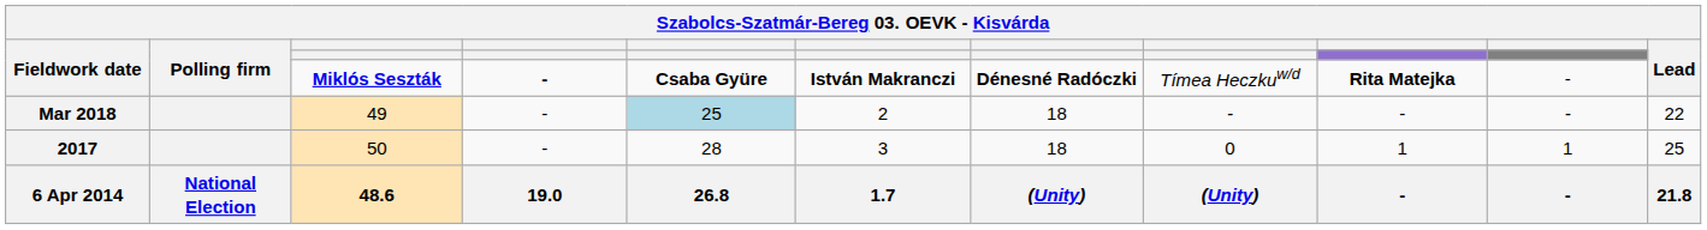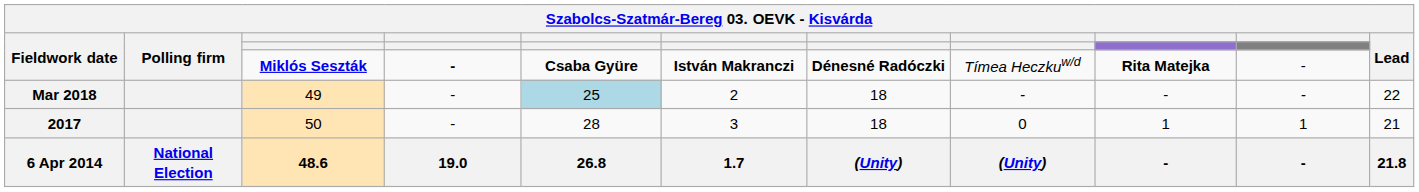 <table class="wikitable mw-collapsible mw-collapsed" style="text-align:center">
 <tr>
 <th colspan="11" style="width: 980pt;"><small><a href='#'>Szabolcs-Szatmár-Bereg</a> 03.</small> <small>OEVK - <a href='#'>Kisvárda</a></small></th>
 </tr>
 <tr>
 <th rowspan="3" style="width: 80pt;"><small>Fieldwork</small> <small>date</small></th>
 <th rowspan="3" style="width: 80pt;"><strong><small>Polling</small> <small>firm</small></strong></th>
 <th style="width: 100pt;"><small></small></th>
 <th style="width: 100pt;"><small> </small></th>
 <th style="width: 100pt;"></th>
 <th style="width: 100pt;"></th>
 <th style="width: 100pt;"></th>
 <th style="width: 100pt;"></th>
 <th style="width: 100pt;"></th>
 <th style="width: 100pt;"></th>
 <th rowspan="3" style="width: 20pt;"><small>Lead</small></th>
 </tr>
 <tr>
 <th style="color:inherit;background:"></th>
 <th style="color:inherit;background:"></th>
 <th style="color:inherit;background:"></th>
 <th style="color:inherit;background:"></th>
 <th style="color:inherit;background:"></th>
 <th style="color:inherit;background:"></th>
 <th style="color:inherit;background:#8E6FCE;"></th>
 <th style="color:inherit;background:#808080;"></th>
 </tr>
 <tr>
 <td><a href='#'><strong><small>Miklós Seszták</small></strong></a></td>
 <td><strong><small>-</small></strong></td>
 <td><strong><small>Csaba Gyüre</small></strong></td>
 <td><strong><small>István Makranczi</small></strong></td>
 <td><strong><small>Dénesné Radóczki</small></strong></td>
 <td><em><small>Tímea Heczku<sup>w/d</sup></small></em></td>
 <td><strong><small>Rita Matejka</small></strong></td>
 <td><small>-</small></td>
 </tr>
 <tr>
 <th><small>Mar 2018</small></th>
 <th><small></small></th>
 <td style="background:#FFE5B4"><small>49</small></td>
 <td><small>-</small></td>
 <td style="background: lightblue;"><small>25</small></td>
 <td><small>2</small></td>
 <td><small>18</small></td>
 <td><em><small>-</small></em></td>
 <td><small>-</small></td>
 <td><em><small>-</small></em></td>
 <td style="background:"><small>22</small></td>
 </tr>
 <tr>
 <th><small>2017</small></th>
 <th><small></small></th>
 <td style="background:#FFE5B4"><small>50</small></td>
 <td><small>-</small></td>
 <td><small>28</small></td>
 <td><small>3</small></td>
 <td><small>18</small></td>
 <td><small>0</small></td>
 <td><small>1</small></td>
 <td><small>1</small></td>
-<td style="background:"><small>25</small></td>
+<td style="background:"><small>21</small></td>
 </tr>
 <tr>
 <th><small>6 Apr 2014</small></th>
 <th><a href='#'><small>National Election</small></a></th>
 <th style="background:#FFE5B4"><small>48.6</small></th>
 <th><small>19.0</small></th>
 <th><small>26.8</small></th>
 <th><small>1.7</small></th>
 <th><small><em>(<a href='#'>Unity</a>)</em></small></th>
 <th><small><em>(<a href='#'>Unity</a>)</em></small></th>
 <th><small>-</small></th>
 <th><small>-</small></th>
 <th style="background:"><small>21.8</small></th>
 </tr>
 </table>
